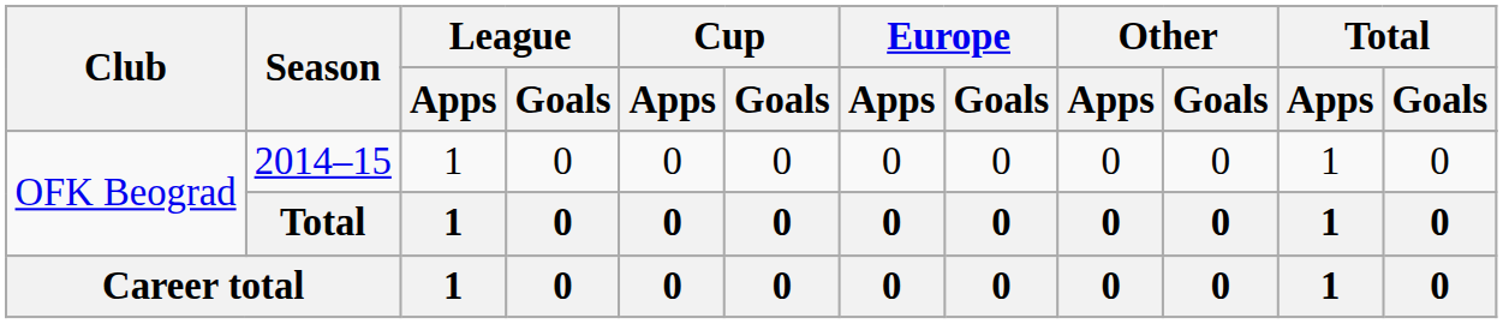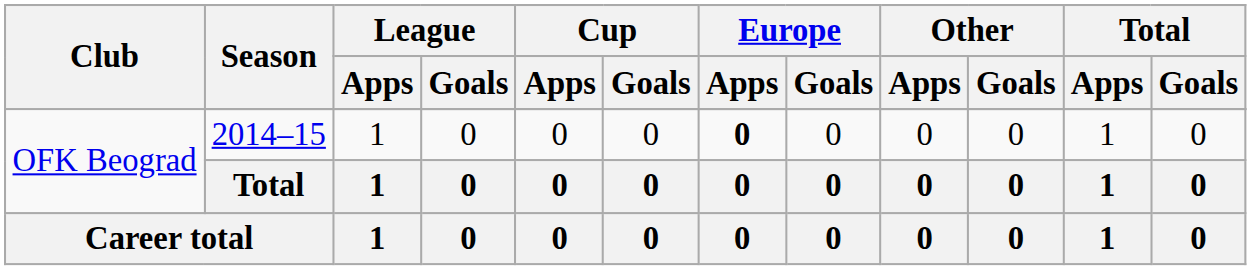 <table class="wikitable" style="text-align: center;">
 <tr>
 <th rowspan="2">Club</th>
 <th rowspan="2">Season</th>
 <th colspan="2">League</th>
 <th colspan="2">Cup</th>
 <th colspan="2"><a href='#'>Europe</a></th>
 <th colspan="2">Other</th>
 <th colspan="2">Total</th>
 </tr>
 <tr>
 <th>Apps</th>
 <th>Goals</th>
 <th>Apps</th>
 <th>Goals</th>
 <th>Apps</th>
 <th>Goals</th>
 <th>Apps</th>
 <th>Goals</th>
 <th>Apps</th>
 <th>Goals</th>
 </tr>
 <tr>
 <td rowspan="3"><a href='#'>OFK Beograd</a></td>
 </tr>
 <tr>
 <td><a href='#'>2014–15</a></td>
 <td>1</td>
 <td>0</td>
 <td>0</td>
 <td>0</td>
-<td>0</td>
+<td><strong>0</strong></td>
 <td>0</td>
 <td>0</td>
 <td>0</td>
 <td>1</td>
 <td>0</td>
 </tr>
 <tr>
 <th>Total</th>
 <th>1</th>
 <th>0</th>
 <th>0</th>
 <th>0</th>
 <th>0</th>
 <th>0</th>
 <th>0</th>
 <th>0</th>
 <th>1</th>
 <th>0</th>
 </tr>
 <tr>
 <th colspan="2">Career total</th>
 <th>1</th>
 <th>0</th>
 <th>0</th>
 <th>0</th>
 <th>0</th>
 <th>0</th>
 <th>0</th>
 <th>0</th>
 <th>1</th>
 <th>0</th>
 </tr>
 </table>
